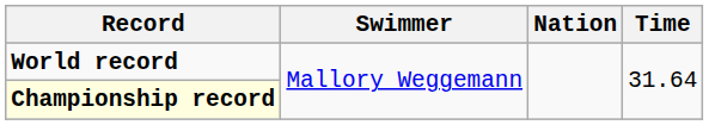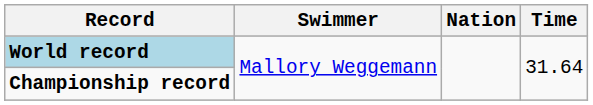 <table class="wikitable">
 <tr>
 <th>Record</th>
 <th>Swimmer</th>
 <th>Nation</th>
 <th>Time</th>
 </tr>
 <tr>
-<td><strong>World record</strong></td>
+<td style="background: lightblue;"><strong>World record</strong></td>
 <td rowspan="2"><a href='#'>Mallory Weggemann</a></td>
 <td rowspan="2"></td>
 <td rowspan="2">31.64</td>
 </tr>
 <tr>
-<td style="background: lightyellow;"><strong>Championship record</strong></td>
+<td><strong>Championship record</strong></td>
 </tr>
 </table>
